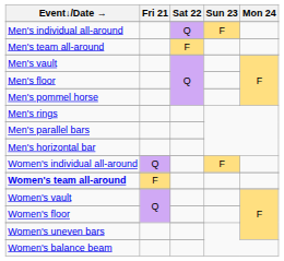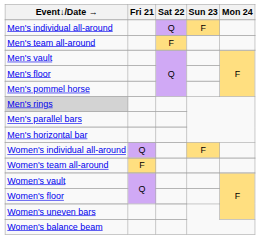 <table class="wikitable" style="margin:0.5em auto; font-size:90%; line-height:1.25em;">
 <tr align="center">
 <th>Event↓/Date →</th>
 <th>Fri 21</th>
 <th>Sat 22</th>
 <th>Sun 23</th>
 <th>Mon 24</th>
 </tr>
 <tr>
 </tr>
 <tr align="center">
 <td align="left"><a href='#'>Men's individual all-around</a></td>
 <td></td>
 <td bgcolor="#D0A9F5">Q</td>
 <td bgcolor="#FFDF80">F</td>
 <td></td>
 </tr>
 <tr>
 </tr>
 <tr align="center">
 <td align="left"><a href='#'>Men's team all-around</a></td>
 <td></td>
 <td bgcolor="#FFDF80">F</td>
 <td></td>
 <td></td>
 </tr>
 <tr>
 </tr>
 <tr align="center">
 <td align="left"><a href='#'>Men's vault</a></td>
 <td></td>
 <td rowspan=6 bgcolor="#D0A9F5">Q</td>
 <td></td>
 <td rowspan=6 bgcolor="#FFDF80">F</td>
 </tr>
 <tr>
 </tr>
 <tr align="center">
 <td align="left"><a href='#'>Men's floor</a></td>
 <td></td>
 <td></td>
 </tr>
 <tr>
 </tr>
 <tr align="center">
 <td align="left"><a href='#'>Men's pommel horse</a></td>
 <td></td>
 <td></td>
 </tr>
 <tr>
 </tr>
 <tr align="center">
-<td align="left"><a href='#'>Men's rings</a></td>
+<td align="left" style="background: lightgrey;"><a href='#'>Men's rings</a></td>
 <td></td>
 <td></td>
 </tr>
 <tr>
 </tr>
 <tr align="center">
 <td align="left"><a href='#'>Men's parallel bars</a></td>
 <td></td>
 <td></td>
 </tr>
 <tr>
 </tr>
 <tr align="center">
 <td align="left"><a href='#'>Men's horizontal bar</a></td>
 <td></td>
 <td></td>
 </tr>
 <tr>
 </tr>
 <tr align="center">
 <td align="left"><a href='#'>Women's individual all-around</a></td>
 <td bgcolor="#D0A9F5">Q</td>
 <td></td>
 <td bgcolor="#FFDF80">F</td>
 <td></td>
 </tr>
 <tr>
 </tr>
 <tr align="center">
-<td align="left"><strong><a href='#'>Women's team all-around</a></strong></td>
+<td align="left"><a href='#'>Women's team all-around</a></td>
 <td bgcolor="#FFDF80">F</td>
 <td></td>
 <td></td>
 <td></td>
 </tr>
 <tr>
 </tr>
 <tr align="center">
 <td align="left"><a href='#'>Women's vault</a></td>
 <td rowspan=4 bgcolor="#D0A9F5">Q</td>
 <td></td>
 <td></td>
 <td rowspan=6 bgcolor="#FFDF80">F</td>
 </tr>
 <tr>
 </tr>
 <tr align="center">
 <td align="left"><a href='#'>Women's floor</a></td>
 <td></td>
 <td></td>
 </tr>
 <tr>
 </tr>
 <tr align="center">
 <td align="left"><a href='#'>Women's uneven bars</a></td>
 <td></td>
 <td></td>
 </tr>
 <tr>
 </tr>
 <tr align="center">
 <td align="left"><a href='#'>Women's balance beam</a></td>
 <td></td>
 <td></td>
 </tr>
 </table>
